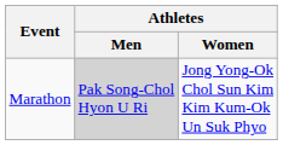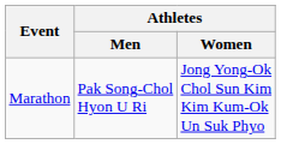 <table class=wikitable style="font-size:90%">
 <tr>
 <th rowspan=2>Event</th>
 <th colspan=2>Athletes</th>
 </tr>
 <tr>
 <th>Men</th>
 <th>Women</th>
 </tr>
 <tr>
 <td><a href='#'>Marathon</a></td>
-<td style="background: lightgrey;"><a href='#'>Pak Song-Chol</a> <br> <a href='#'>Hyon U Ri</a></td>
+<td><a href='#'>Pak Song-Chol</a> <br> <a href='#'>Hyon U Ri</a></td>
 <td><a href='#'>Jong Yong-Ok</a> <br> <a href='#'>Chol Sun Kim</a> <br> <a href='#'>Kim Kum-Ok</a> <br> <a href='#'>Un Suk Phyo</a></td>
 </tr>
 </table>
